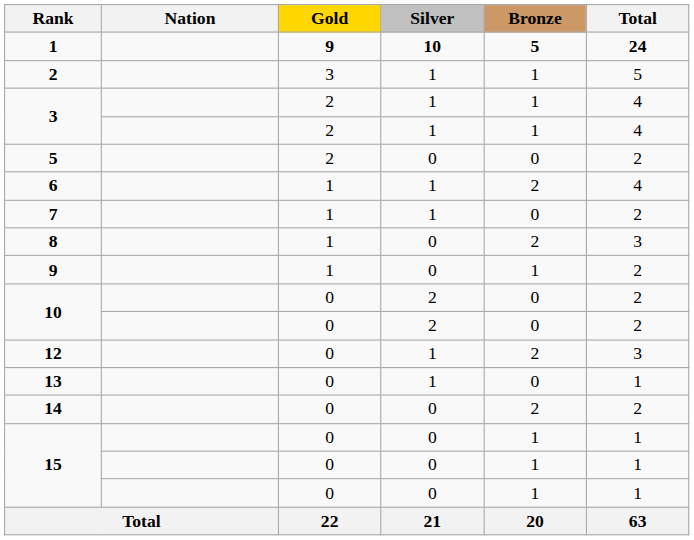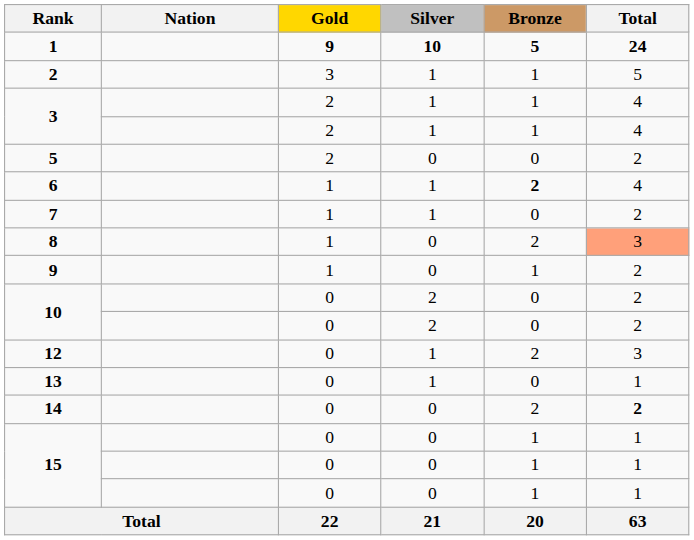 <table class="wikitable collapsible autocollapse plainrowheaders" width=70.5% style="text-align:center;">
 <tr style="background-color:#EDEDED;">
 <th width=100px class="hintergrundfarbe5">Rank</th>
 <th width=200px class="hintergrundfarbe6">Nation</th>
 <th style="background:    gold; width:15%">Gold</th>
 <th style="background:  silver; width:15%">Silver</th>
 <th style="background: #CC9966; width:15%">Bronze</th>
 <th class="hintergrundfarbe6" style="width:15%">Total</th>
 </tr>
 <tr>
 <td><strong>1</strong></td>
 <td align=left></td>
 <td><strong>9</strong></td>
 <td><strong>10</strong></td>
 <td><strong>5</strong></td>
 <td><strong>24</strong></td>
 </tr>
 <tr>
 <td><strong>2</strong></td>
 <td align=left><em></em></td>
 <td>3</td>
 <td>1</td>
 <td>1</td>
 <td>5</td>
 </tr>
 <tr>
 <td rowspan=2><strong>3</strong></td>
 <td align=left></td>
 <td>2</td>
 <td>1</td>
 <td>1</td>
 <td>4</td>
 </tr>
 <tr>
 <td align=left></td>
 <td>2</td>
 <td>1</td>
 <td>1</td>
 <td>4</td>
 </tr>
 <tr>
 <td><strong>5</strong></td>
 <td align=left></td>
 <td>2</td>
 <td>0</td>
 <td>0</td>
 <td>2</td>
 </tr>
 <tr>
 <td><strong>6</strong></td>
 <td align=left></td>
 <td>1</td>
 <td>1</td>
-<td>2</td>
+<td><strong>2</strong></td>
 <td>4</td>
 </tr>
 <tr>
 <td><strong>7</strong></td>
 <td align=left></td>
 <td>1</td>
 <td>1</td>
 <td>0</td>
 <td>2</td>
 </tr>
 <tr>
 <td><strong>8</strong></td>
 <td align=left><em></em></td>
 <td>1</td>
 <td>0</td>
 <td>2</td>
-<td>3</td>
+<td style="background: lightsalmon;">3</td>
 </tr>
 <tr>
 <td><strong>9</strong></td>
 <td align=left></td>
 <td>1</td>
 <td>0</td>
 <td>1</td>
 <td>2</td>
 </tr>
 <tr>
 <td rowspan=2><strong>10</strong></td>
 <td align=left></td>
 <td>0</td>
 <td>2</td>
 <td>0</td>
 <td>2</td>
 </tr>
 <tr>
 <td align=left></td>
 <td>0</td>
 <td>2</td>
 <td>0</td>
 <td>2</td>
 </tr>
 <tr>
 <td><strong>12</strong></td>
 <td align=left></td>
 <td>0</td>
 <td>1</td>
 <td>2</td>
 <td>3</td>
 </tr>
 <tr>
 <td><strong>13</strong></td>
 <td align=left></td>
 <td>0</td>
 <td>1</td>
 <td>0</td>
 <td>1</td>
 </tr>
 <tr>
 <td><strong>14</strong></td>
 <td align=left></td>
 <td>0</td>
 <td>0</td>
 <td>2</td>
-<td>2</td>
+<td><strong>2</strong></td>
 </tr>
 <tr>
 <td rowspan=3><strong>15</strong></td>
 <td align=left></td>
 <td>0</td>
 <td>0</td>
 <td>1</td>
 <td>1</td>
 </tr>
 <tr>
 <td align=left></td>
 <td>0</td>
 <td>0</td>
 <td>1</td>
 <td>1</td>
 </tr>
 <tr>
 <td align=left></td>
 <td>0</td>
 <td>0</td>
 <td>1</td>
 <td>1</td>
 </tr>
 <tr>
 <th colspan=2>Total</th>
 <th>22</th>
 <th>21</th>
 <th>20</th>
 <th>63</th>
 </tr>
 </table>
